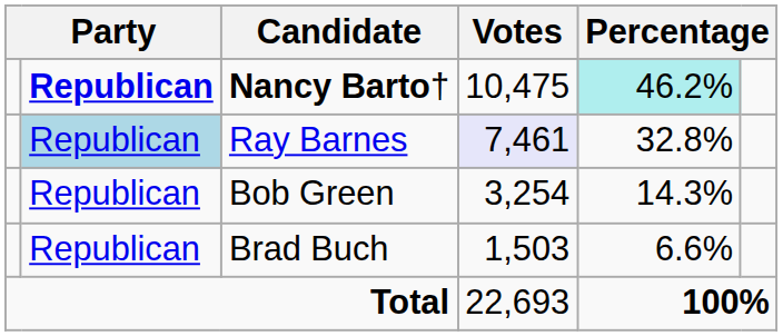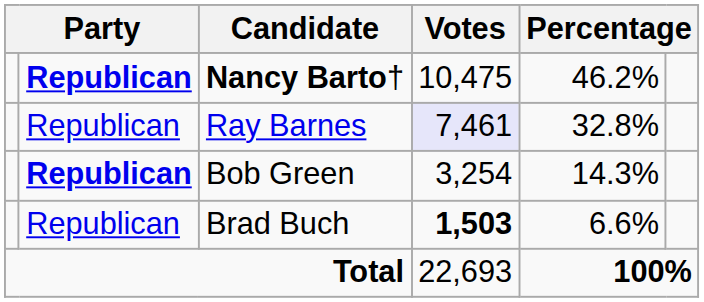 <table class="wikitable" style="text-align:right;">
 <tr style="background-color:#E9E9E9;text-align:center;">
 <th colspan=2>Party</th>
 <th>Candidate</th>
 <th>Votes</th>
 <th colspan=2>Percentage</th>
 </tr>
 <tr>
 <td style="background-color:"></td>
 <td style="text-align:left;"><strong><a href='#'>Republican</a></strong></td>
 <td style="text-align:left;"><strong>Nancy Barto</strong>†</td>
 <td style="text-align:right;">10,475</td>
-<td style="background: paleturquoise; text-align:right;">46.2%</td>
+<td style="text-align:right;">46.2%</td>
 <td style="text-align:right;"><div><div> </div></div></td>
 </tr>
 <tr>
 <td style="background-color:"></td>
-<td style="background: lightblue; text-align:left;"><a href='#'>Republican</a></td>
+<td style="text-align:left;"><a href='#'>Republican</a></td>
 <td style="text-align:left;"><a href='#'>Ray Barnes</a></td>
 <td style="background: lavender; text-align:right;">7,461</td>
 <td style="text-align:right;">32.8%</td>
 <td style="text-align:right;"><div><div> </div></div></td>
 </tr>
 <tr>
 <td style="background-color:"></td>
-<td style="text-align:left;"><a href='#'>Republican</a></td>
+<td style="text-align:left;"><strong><a href='#'>Republican</a></strong></td>
 <td style="text-align:left;">Bob Green</td>
 <td style="text-align:right;">3,254</td>
 <td style="text-align:right;">14.3%</td>
 <td style="text-align:right;"><div><div> </div></div></td>
 </tr>
 <tr>
 <td style="background-color:"></td>
 <td style="text-align:left;"><a href='#'>Republican</a></td>
 <td style="text-align:left;">Brad Buch</td>
-<td style="text-align:right;">1,503</td>
+<td style="text-align:right;"><strong>1,503</strong></td>
 <td style="text-align:right;">6.6%</td>
 <td style="text-align:right;"><div><div> </div></div></td>
 </tr>
 <tr>
 <td colspan="3" style="text-align:right;"><strong>Total</strong></td>
 <td style="text-align:right;">22,693</td>
 <td style="text-align:right;" colspan=2><strong>100%</strong></td>
 </tr>
 </table>
